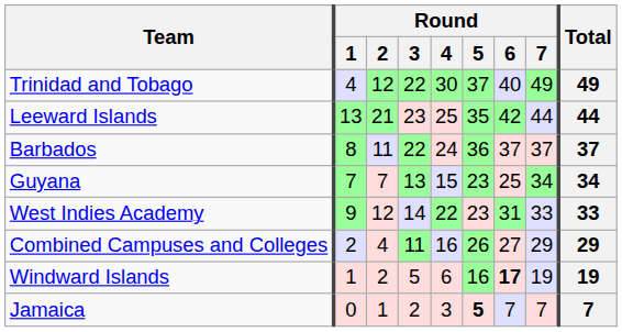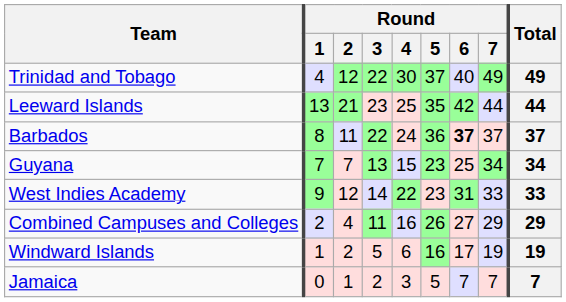 <table class="wikitable">
 <tr>
 <th rowspan="2" style="border-right: 3px solid #454545">Team</th>
 <th colspan="7">Round</th>
 <th rowspan="2" style="border-left: 3px solid #454545">Total</th>
 </tr>
 <tr>
 <th>1</th>
 <th>2</th>
 <th>3</th>
 <th>4</th>
 <th>5</th>
 <th>6</th>
 <th>7</th>
 </tr>
 <tr align="center">
 <td style="border-right: 3px solid #454545" align="left"><a href='#'>Trinidad and Tobago</a></td>
 <td style="background: #DFDFFF">4</td>
 <td style="background: #99FF99">12</td>
 <td style="background: #99FF99">22</td>
 <td style="background: #99FF99">30</td>
 <td style="background: #99FF99">37</td>
 <td style="background: #DFDFFF">40</td>
 <td style="background: #99FF99">49</td>
 <th style="border-left: 3px solid #454545">49</th>
 </tr>
 <tr align="center">
 <td style="border-right: 3px solid #454545" align="left"><a href='#'>Leeward Islands</a></td>
 <td style="background: #99FF99">13</td>
 <td style="background: #99FF99">21</td>
 <td style="background: #FFDDDD">23</td>
 <td style="background: #FFDDDD">25</td>
 <td style="background: #99FF99">35</td>
 <td style="background: #99FF99">42</td>
 <td style="background: #DFDFFF">44</td>
 <th style="border-left: 3px solid #454545">44</th>
 </tr>
 <tr align="center">
 <td style="border-right: 3px solid #454545" align="left"><a href='#'>Barbados</a></td>
 <td style="background: #99FF99">8</td>
 <td style="background: #DFDFFF">11</td>
 <td style="background: #99FF99">22</td>
 <td style="background: #FFDDDD">24</td>
 <td style="background: #99FF99">36</td>
-<td style="background: #FFDDDD">37</td>
+<td style="background: #FFDDDD"><strong>37</strong></td>
 <td style="background: #FFDDDD">37</td>
 <th style="border-left: 3px solid #454545">37</th>
 </tr>
 <tr align="center">
 <td style="border-right: 3px solid #454545" align="left"><a href='#'>Guyana</a></td>
 <td style="background: #99FF99">7</td>
 <td style="background: #FFDDDD">7</td>
 <td style="background: #99FF99">13</td>
 <td style="background: #DFDFFF">15</td>
 <td style="background: #99FF99">23</td>
 <td style="background: #FFDDDD">25</td>
 <td style="background: #99FF99">34</td>
 <th style="border-left: 3px solid #454545">34</th>
 </tr>
 <tr align="center">
 <td style="border-right: 3px solid #454545" align="left"><a href='#'>West Indies Academy</a></td>
 <td style="background: #99FF99">9</td>
 <td style="background: #FFDDDD">12</td>
 <td style="background: #DFDFFF">14</td>
 <td style="background: #99FF99">22</td>
 <td style="background: #FFDDDD">23</td>
 <td style="background: #99FF99">31</td>
 <td style="background: #DFDFFF">33</td>
 <th style="border-left: 3px solid #454545">33</th>
 </tr>
 <tr align="center">
 <td style="border-right: 3px solid #454545" align="left"><a href='#'>Combined Campuses and Colleges</a></td>
 <td style="background: #DFDFFF">2</td>
 <td style="background: #FFDDDD">4</td>
 <td style="background: #99FF99">11</td>
 <td style="background: #DFDFFF">16</td>
 <td style="background: #99FF99">26</td>
 <td style="background: #FFDDDD">27</td>
 <td style="background: #DFDFFF">29</td>
 <th style="border-left: 3px solid #454545">29</th>
 </tr>
 <tr align="center">
 <td style="border-right: 3px solid #454545" align="left"><a href='#'>Windward Islands</a></td>
 <td style="background: #FFDDDD">1</td>
 <td style="background: #FFDDDD">2</td>
 <td style="background: #FFDDDD">5</td>
 <td style="background: #FFDDDD">6</td>
 <td style="background: #99FF99">16</td>
-<td style="background: #FFDDDD"><strong>17</strong></td>
+<td style="background: #FFDDDD">17</td>
 <td style="background: #DFDFFF">19</td>
 <th style="border-left: 3px solid #454545">19</th>
 </tr>
 <tr align="center">
 <td style="border-right: 3px solid #454545" align="left"><a href='#'>Jamaica</a></td>
 <td style="background: #FFDDDD">0</td>
 <td style="background: #FFDDDD">1</td>
 <td style="background: #FFDDDD">2</td>
 <td style="background: #FFDDDD">3</td>
-<td style="background: #FFDDDD"><strong>5</strong></td>
+<td style="background: #FFDDDD">5</td>
 <td style="background: #DFDFFF">7</td>
 <td style="background: #FFDDDD">7</td>
 <th style="border-left: 3px solid #454545">7</th>
 </tr>
 </table>
